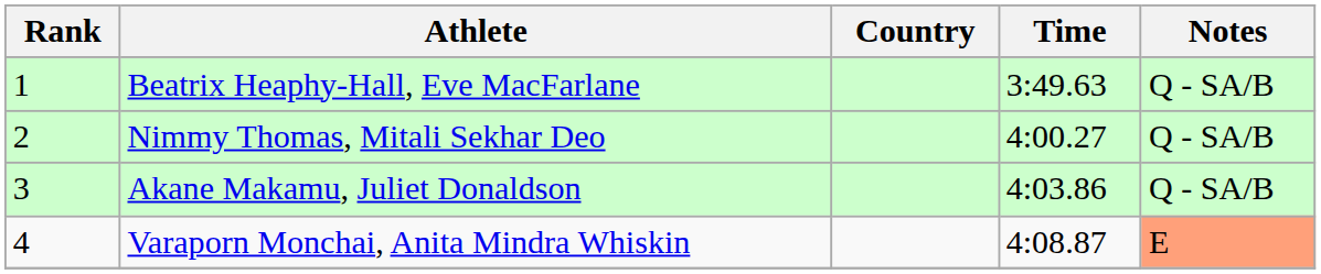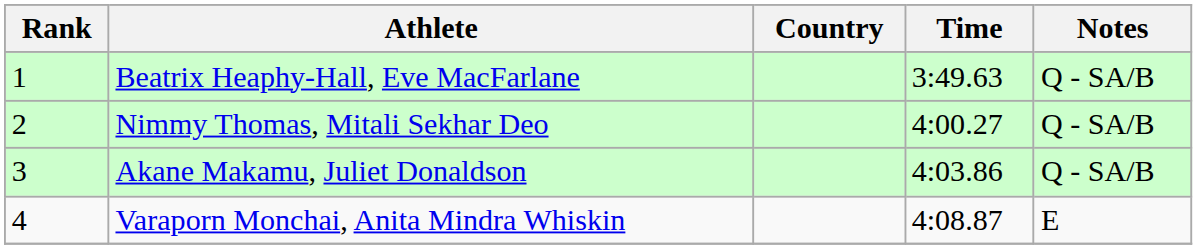 <table class="wikitable" width=50%>
 <tr>
 <th>Rank</th>
 <th>Athlete</th>
 <th>Country</th>
 <th>Time</th>
 <th>Notes</th>
 </tr>
 <tr bgcolor=ccffcc>
 <td>1</td>
 <td><a href='#'>Beatrix Heaphy-Hall</a>, <a href='#'>Eve MacFarlane</a></td>
 <td></td>
 <td>3:49.63</td>
 <td>Q - SA/B</td>
 </tr>
 <tr bgcolor=ccffcc>
 <td>2</td>
 <td><a href='#'>Nimmy Thomas</a>, <a href='#'>Mitali Sekhar Deo</a></td>
 <td></td>
 <td>4:00.27</td>
 <td>Q - SA/B</td>
 </tr>
 <tr bgcolor=ccffcc>
 <td>3</td>
 <td><a href='#'>Akane Makamu</a>, <a href='#'>Juliet Donaldson</a></td>
 <td></td>
 <td>4:03.86</td>
 <td>Q - SA/B</td>
 </tr>
 <tr>
 <td>4</td>
 <td><a href='#'>Varaporn Monchai</a>, <a href='#'>Anita Mindra Whiskin</a></td>
 <td></td>
 <td>4:08.87</td>
-<td style="background: lightsalmon;">E</td>
+<td>E</td>
 </tr>
 <tr>
 </tr>
 </table>
